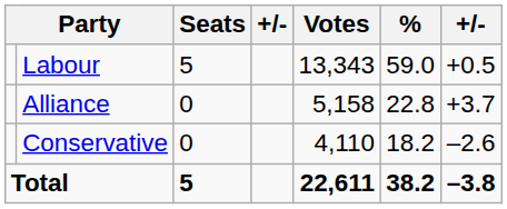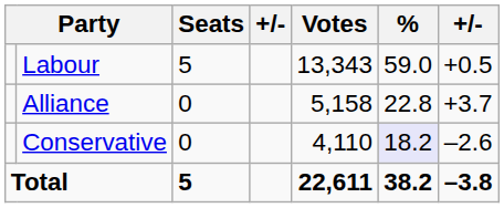 <table class="wikitable sortable">
 <tr>
 <th colspan="2">Party</th>
 <th>Seats</th>
 <th>+/-</th>
 <th>Votes</th>
 <th>%</th>
 <th>+/-</th>
 </tr>
 <tr>
 <td style="background-color: "></td>
 <td><a href='#'>Labour</a></td>
 <td>5</td>
 <td></td>
 <td style="text-align:right;">13,343</td>
 <td style="text-align:right;">59.0</td>
 <td style="text-align:right;">+0.5</td>
 </tr>
 <tr>
 <td style="background-color: "></td>
 <td><a href='#'>Alliance</a></td>
 <td>0</td>
 <td></td>
 <td style="text-align:right;">5,158</td>
 <td style="text-align:right;">22.8</td>
 <td style="text-align:right;">+3.7</td>
 </tr>
 <tr>
 <td style="background-color: "></td>
 <td><a href='#'>Conservative</a></td>
 <td>0</td>
 <td></td>
 <td style="text-align:right;">4,110</td>
-<td style="text-align:right;">18.2</td>
+<td style="background: lavender; text-align:right;">18.2</td>
 <td style="text-align:right;">–2.6</td>
 </tr>
 <tr>
 <td colspan="2"><strong>Total</strong></td>
 <td><strong>5</strong></td>
 <td></td>
 <td style="text-align:right;"><strong>22,611</strong></td>
 <td style="text-align:right;"><strong>38.2</strong></td>
 <td style="text-align:right;"><strong>–3.8</strong></td>
 </tr>
 </table>
